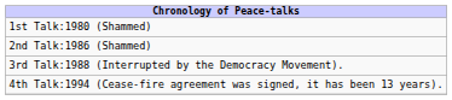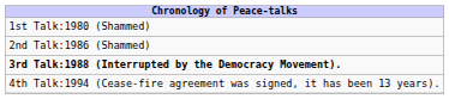 <table class="toc" border="1" cellpadding="4" cellspacing="0" style="float:right; margin: 0 0 1em 1em; background: #f9f9f9; border: 1px #aaaaaa solid; border-collapse: collapse; font-size: 95%;">
 <tr>
 <th style="background:#ccccff; font-size: 95%; border-top: 1px solid #aaaaaa; border-bottom: 1px solid #aaaaaa; padding: 0 5px 0 5px;"><strong>Chronology of Peace-talks</strong></th>
 </tr>
 <tr>
 <td>1st Talk:1980 (Shammed)</td>
 </tr>
 <tr>
 <td>2nd Talk:1986 (Shammed)</td>
 </tr>
 <tr>
-<td>3rd Talk:1988 (Interrupted by the Democracy Movement).</td>
+<td><strong>3rd Talk:1988 (Interrupted by the Democracy Movement).</strong></td>
 </tr>
 <tr>
 <td>4th Talk:1994 (Cease-fire agreement was signed, it has been 13 years).</td>
 </tr>
 <tr>
 </tr>
 </table>
